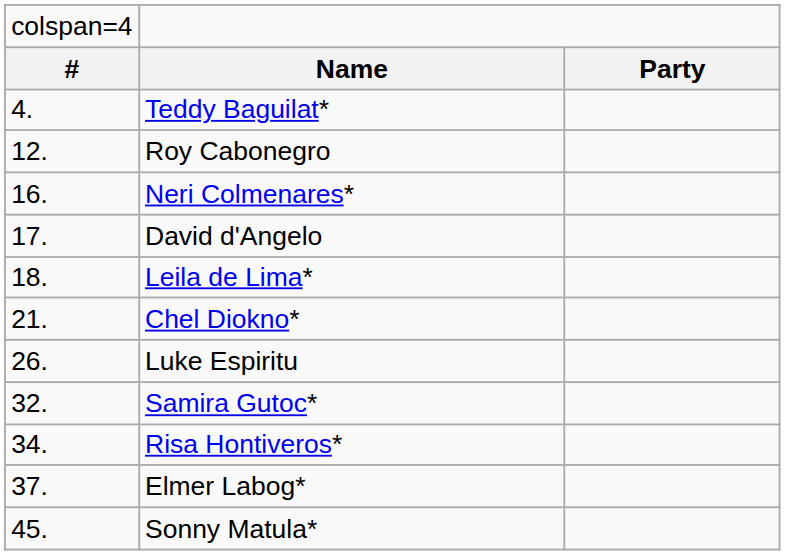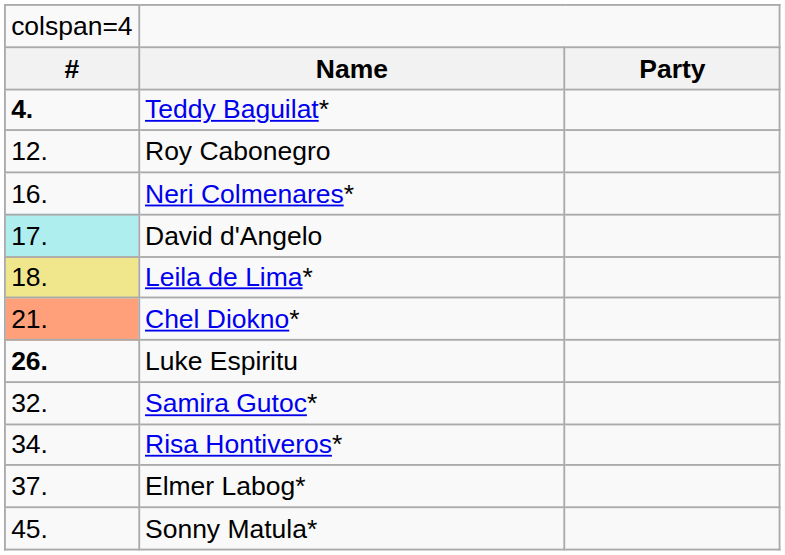 <table class=wikitable style="font-size:90%">
 <tr>
 <td>colspan=4 </td>
 </tr>
 <tr>
 <th>#</th>
 <th width=55%>Name</th>
 <th colspan=2 width=110px>Party</th>
 </tr>
 <tr>
-<td>4.</td>
+<td><strong>4.</strong></td>
 <td><a href='#'>Teddy Baguilat</a>*</td>
 <td></td>
 </tr>
 <tr>
 <td>12.</td>
 <td>Roy Cabonegro</td>
 <td></td>
 </tr>
 <tr>
 <td>16.</td>
 <td><a href='#'>Neri Colmenares</a>*</td>
 <td></td>
 </tr>
 <tr>
-<td>17.</td>
+<td style="background: paleturquoise;">17.</td>
 <td>David d'Angelo</td>
 <td></td>
 </tr>
 <tr>
-<td>18.</td>
+<td style="background: khaki;">18.</td>
 <td><a href='#'>Leila de Lima</a>*</td>
 <td></td>
 </tr>
 <tr>
-<td>21.</td>
+<td style="background: lightsalmon;">21.</td>
 <td><a href='#'>Chel Diokno</a>*</td>
 <td></td>
 </tr>
 <tr>
-<td>26.</td>
+<td><strong>26.</strong></td>
 <td>Luke Espiritu</td>
 <td></td>
 </tr>
 <tr>
 <td>32.</td>
 <td><a href='#'>Samira Gutoc</a>*</td>
 <td></td>
 </tr>
 <tr>
 <td>34.</td>
 <td><a href='#'>Risa Hontiveros</a>*</td>
 <td></td>
 </tr>
 <tr>
 <td>37.</td>
 <td>Elmer Labog*</td>
 <td></td>
 </tr>
 <tr>
 <td>45.</td>
 <td>Sonny Matula*</td>
 <td></td>
 </tr>
 </table>
